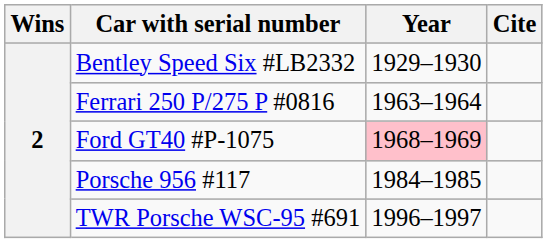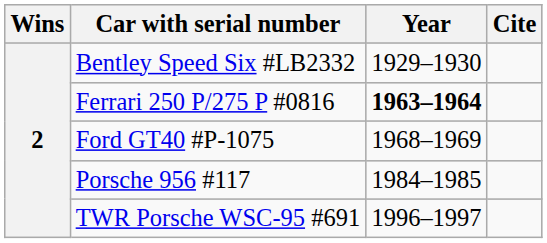 <table class="wikitable">
 <tr>
 <th>Wins</th>
 <th>Car with serial number</th>
 <th>Year</th>
 <th>Cite</th>
 </tr>
 <tr>
 <th rowspan="5">2</th>
 <td> <a href='#'>Bentley Speed Six</a> #LB2332</td>
 <td>1929–1930</td>
 <td></td>
 </tr>
 <tr>
 <td> <a href='#'>Ferrari 250 P/275 P</a> #0816</td>
-<td>1963–1964</td>
+<td><strong>1963–1964</strong></td>
 <td></td>
 </tr>
 <tr>
 <td> <a href='#'>Ford GT40</a> #P-1075</td>
-<td style="background: pink;">1968–1969</td>
+<td>1968–1969</td>
 <td></td>
 </tr>
 <tr>
 <td> <a href='#'>Porsche 956</a> #117</td>
 <td>1984–1985</td>
 <td></td>
 </tr>
 <tr>
 <td> <a href='#'>TWR Porsche WSC-95</a> #691</td>
 <td>1996–1997</td>
 <td></td>
 </tr>
 </table>
